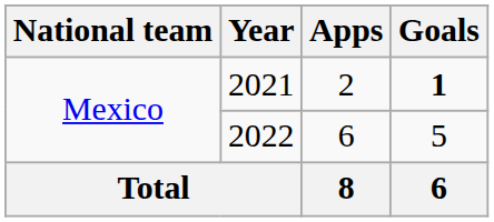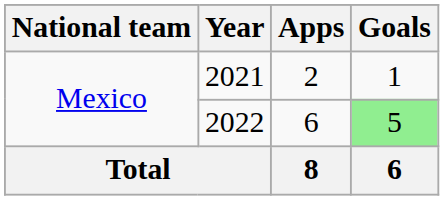 <table class="wikitable" style="text-align:center">
 <tr>
 <th>National team</th>
 <th>Year</th>
 <th>Apps</th>
 <th>Goals</th>
 </tr>
 <tr>
 <td rowspan="2"><a href='#'>Mexico</a></td>
 <td>2021</td>
 <td>2</td>
-<td><strong>1</strong></td>
+<td>1</td>
 </tr>
 <tr>
 <td>2022</td>
 <td>6</td>
-<td>5</td>
+<td style="background: lightgreen;">5</td>
 </tr>
 <tr>
 <th colspan="2">Total</th>
 <th>8</th>
 <th>6</th>
 </tr>
 </table>
